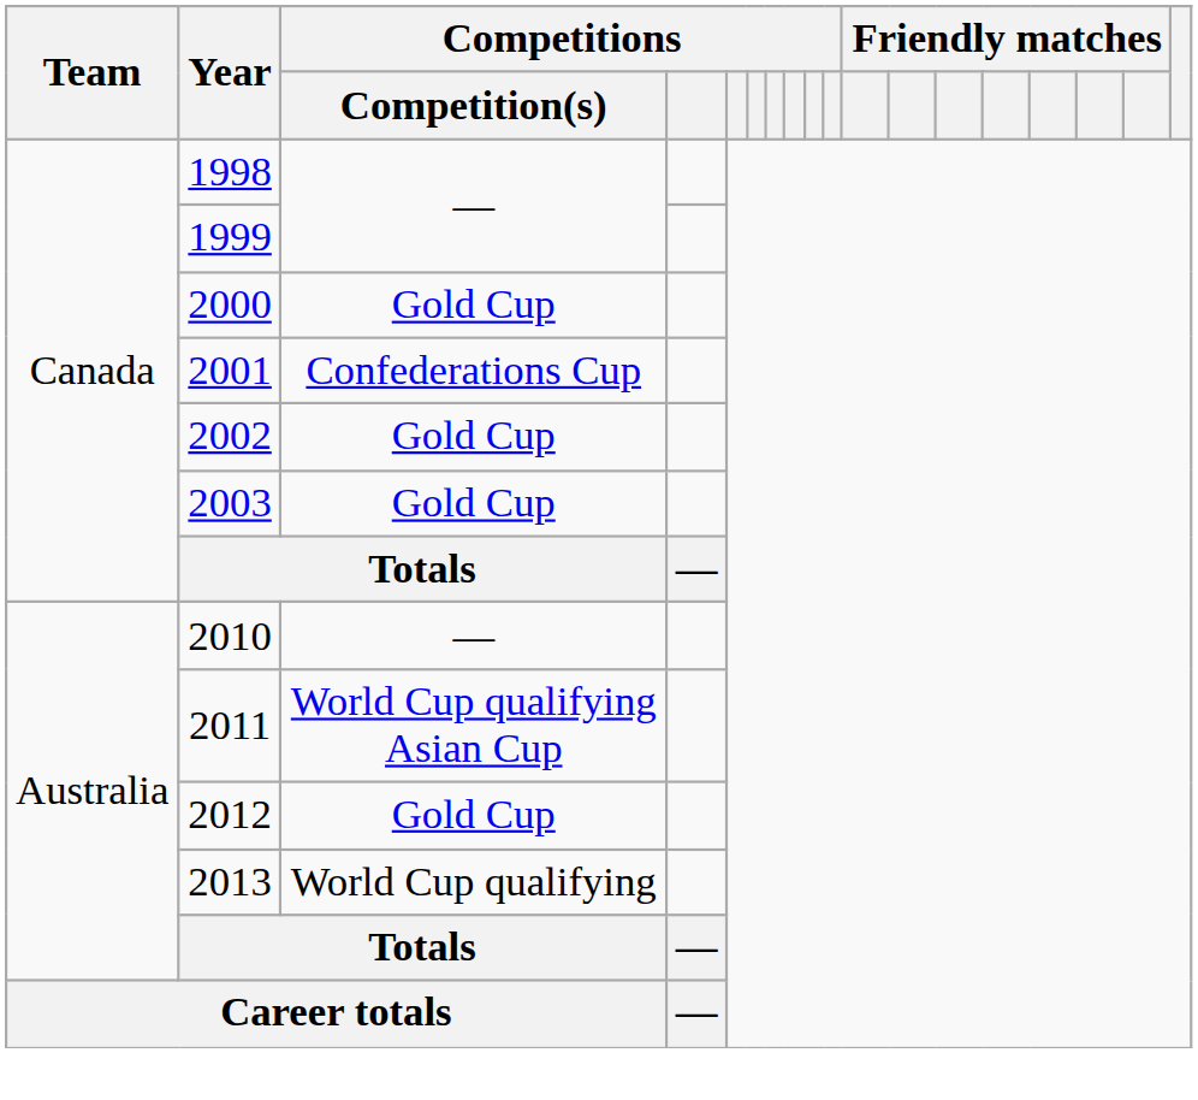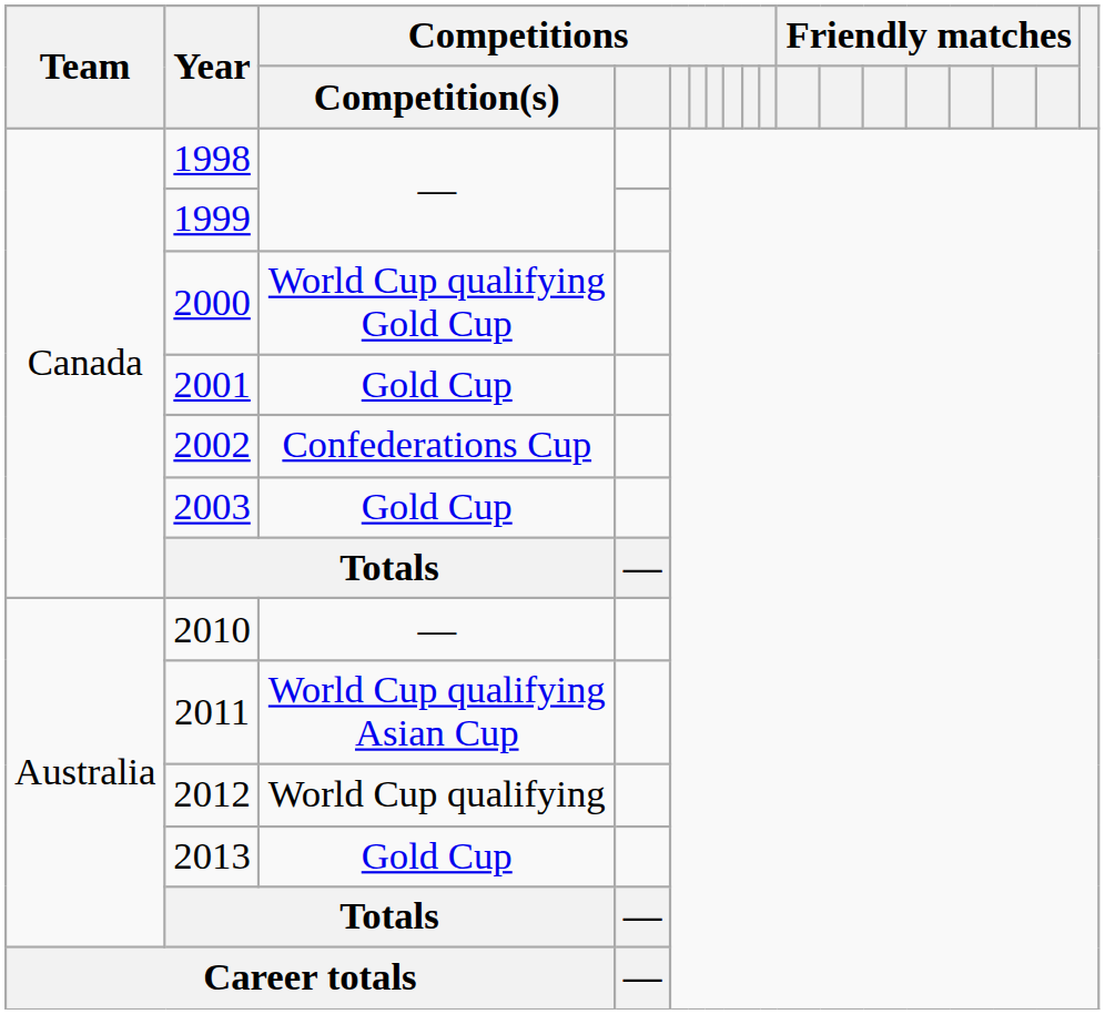 <table class="wikitable" style="text-align: center">
 <tr>
 <th rowspan="2">Team</th>
 <th rowspan="2">Year</th>
 <th colspan="8">Competitions</th>
 <th colspan="7">Friendly matches</th>
 <th rowspan="2"></th>
 </tr>
 <tr>
 <th>Competition(s)</th>
 <th></th>
 <th></th>
 <th></th>
 <th></th>
 <th></th>
 <th></th>
 <th></th>
 <th></th>
 <th></th>
 <th></th>
 <th></th>
 <th></th>
 <th></th>
 <th></th>
 </tr>
 <tr>
 <td rowspan="7">Canada</td>
 <td><a href='#'>1998</a></td>
 <td rowspan="2">—<br> </td>
 <td></td>
 </tr>
 <tr>
 <td><a href='#'>1999</a><br> </td>
 <td></td>
 </tr>
 <tr>
 <td><a href='#'>2000</a></td>
+<td><a href='#'>World Cup qualifying</a><br><a href='#'>Gold Cup</a><br> </td>
+<td></td>
+</tr>
+<tr>
+<td><a href='#'>2001</a></td>
 <td><a href='#'>Gold Cup</a><br> </td>
 <td></td>
 </tr>
 <tr>
-<td><a href='#'>2001</a></td>
+<td><a href='#'>2002</a></td>
 <td><a href='#'>Confederations Cup</a><br> </td>
-<td></td>
-</tr>
-<tr>
-<td><a href='#'>2002</a></td>
-<td><a href='#'>Gold Cup</a><br> </td>
 <td></td>
 </tr>
 <tr>
 <td><a href='#'>2003</a></td>
 <td><a href='#'>Gold Cup</a><br> </td>
 <td></td>
 </tr>
 <tr>
 <th colspan="2">Totals<br> </th>
 <th>—</th>
 </tr>
 <tr>
 <td rowspan="5">Australia</td>
 <td>2010</td>
 <td>—<br> </td>
 <td></td>
 </tr>
 <tr>
 <td>2011</td>
 <td><a href='#'>World Cup qualifying</a><br><a href='#'>Asian Cup</a><br> </td>
 <td></td>
 </tr>
 <tr>
 <td>2012</td>
-<td><a href='#'>Gold Cup</a><br> </td>
+<td>World Cup qualifying<br> </td>
 <td></td>
 </tr>
 <tr>
 <td>2013</td>
-<td>World Cup qualifying<br> </td>
+<td><a href='#'>Gold Cup</a><br> </td>
 <td></td>
 </tr>
 <tr>
 <th colspan="2">Totals<br> </th>
 <th>—</th>
 </tr>
 <tr>
 <th colspan="3">Career totals<br> </th>
 <th>—</th>
 </tr>
 </table>
